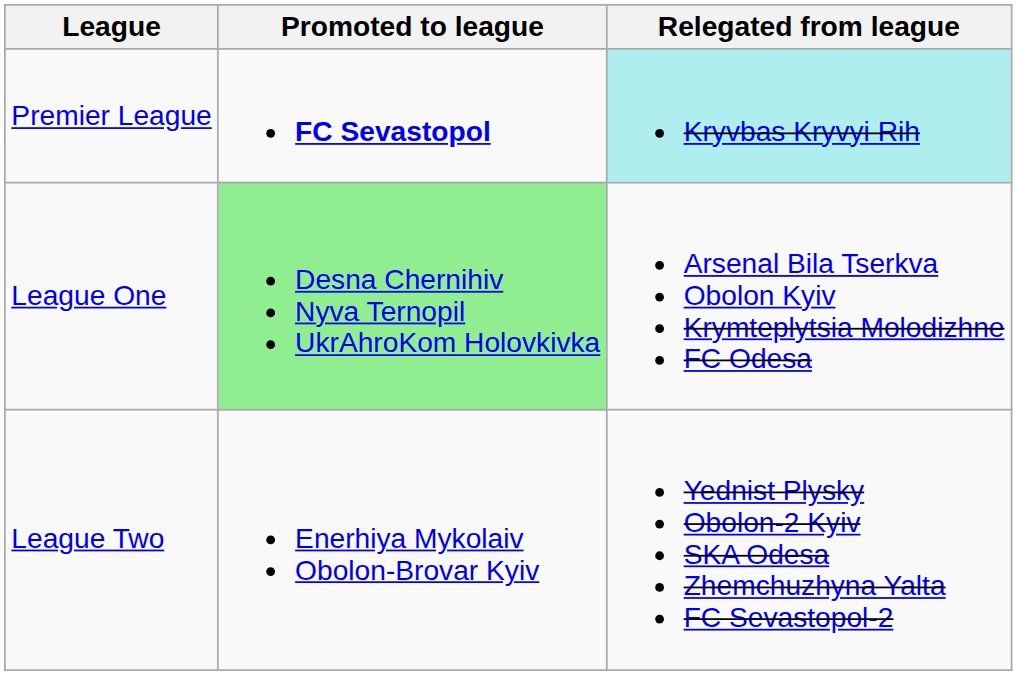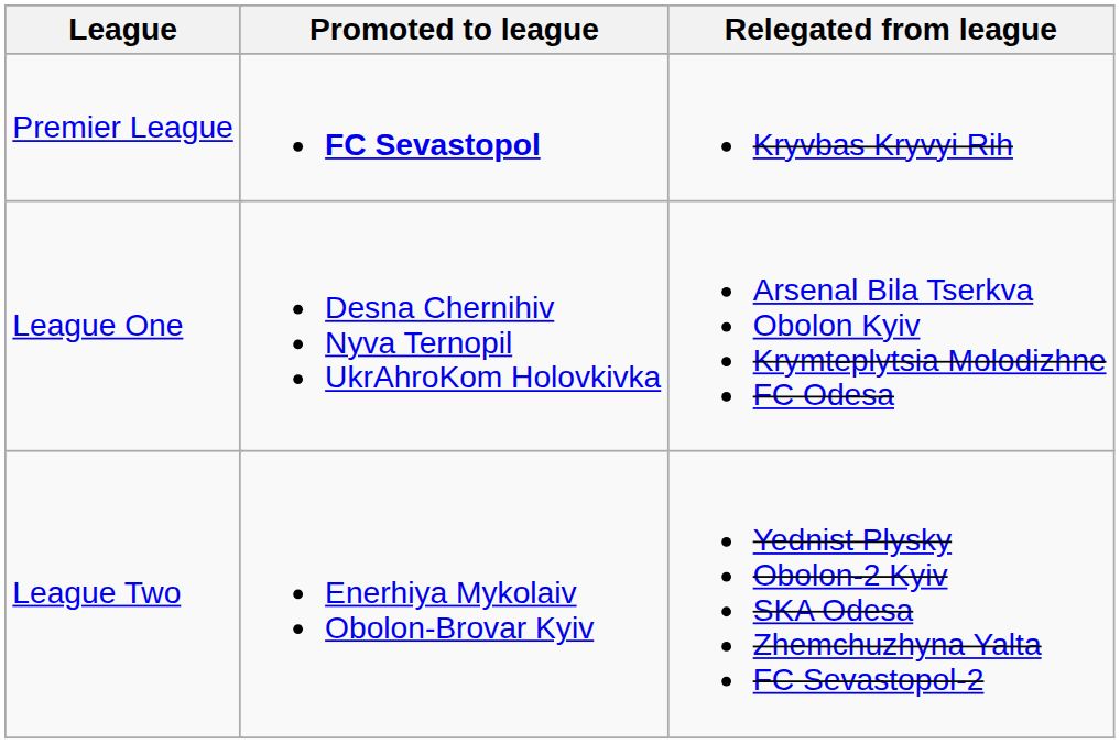 <table class="wikitable">
 <tr>
 <th colspan=2>League</th>
 <th>Promoted to league</th>
 <th>Relegated from league</th>
 </tr>
 <tr>
 <td colspan=2><a href='#'>Premier League</a></td>
 <td><strong><br><ul><li><a href='#'>FC Sevastopol</a></li></ul></strong></td>
-<td style="background: paleturquoise;"><br><ul><li><del><a href='#'>Kryvbas Kryvyi Rih</a></del></li></ul></td>
+<td><br><ul><li><del><a href='#'>Kryvbas Kryvyi Rih</a></del></li></ul></td>
 </tr>
 <tr>
 <td colspan=2><a href='#'>League One</a></td>
-<td style="background: lightgreen;"><br><ul><li><a href='#'>Desna Chernihiv</a></li><li><a href='#'>Nyva Ternopil</a></li><li><a href='#'>UkrAhroKom Holovkivka</a></li></ul></td>
+<td><br><ul><li><a href='#'>Desna Chernihiv</a></li><li><a href='#'>Nyva Ternopil</a></li><li><a href='#'>UkrAhroKom Holovkivka</a></li></ul></td>
 <td><br><ul><li><a href='#'>Arsenal Bila Tserkva</a></li><li><a href='#'>Obolon Kyiv</a></li><li><del><a href='#'>Krymteplytsia Molodizhne</a></del></li><li><del><a href='#'>FC Odesa</a></del></li></ul></td>
 </tr>
 <tr>
 <td colspan=2><a href='#'>League Two</a></td>
 <td><br><ul><li><a href='#'>Enerhiya Mykolaiv</a></li><li><a href='#'>Obolon-Brovar Kyiv</a></li></ul></td>
 <td><br><ul><li><del><a href='#'>Yednist Plysky</a></del></li><li><del><a href='#'>Obolon-2 Kyiv</a></del></li><li><del><a href='#'>SKA Odesa</a></del></li><li><del><a href='#'>Zhemchuzhyna Yalta</a></del></li><li><del><a href='#'>FC Sevastopol-2</a></del></li></ul></td>
 </tr>
 </table>
